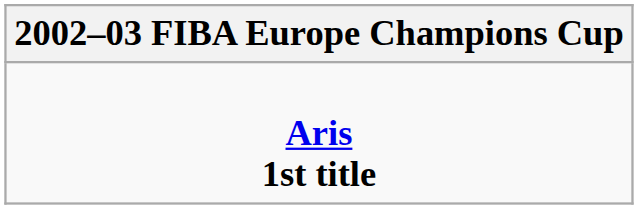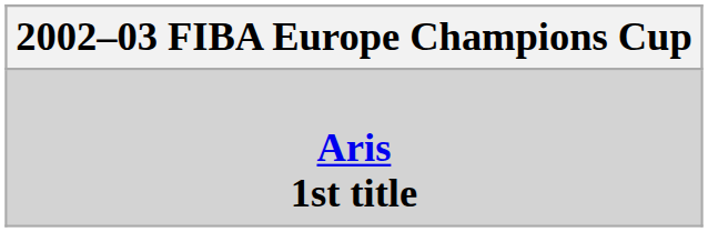 <table class=wikitable style="text-align:center; margin:auto">
 <tr>
 <th>2002–03 FIBA Europe Champions Cup</th>
 </tr>
 <tr>
-<td> <br> <strong><a href='#'>Aris</a></strong> <br> <strong>1st title</strong></td>
+<td style="background: lightgrey;"> <br> <strong><a href='#'>Aris</a></strong> <br> <strong>1st title</strong></td>
 </tr>
 </table>
